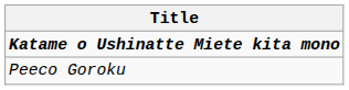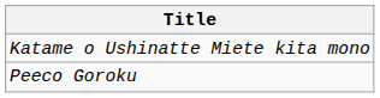 <table class="wikitable">
 <tr>
 <th>Title</th>
 </tr>
 <tr>
-<td><strong><em>Katame o Ushinatte Miete kita mono</em></strong></td>
+<td><em>Katame o Ushinatte Miete kita mono</em></td>
 </tr>
 <tr>
 <td><em>Peeco Goroku</em></td>
 </tr>
 </table>
